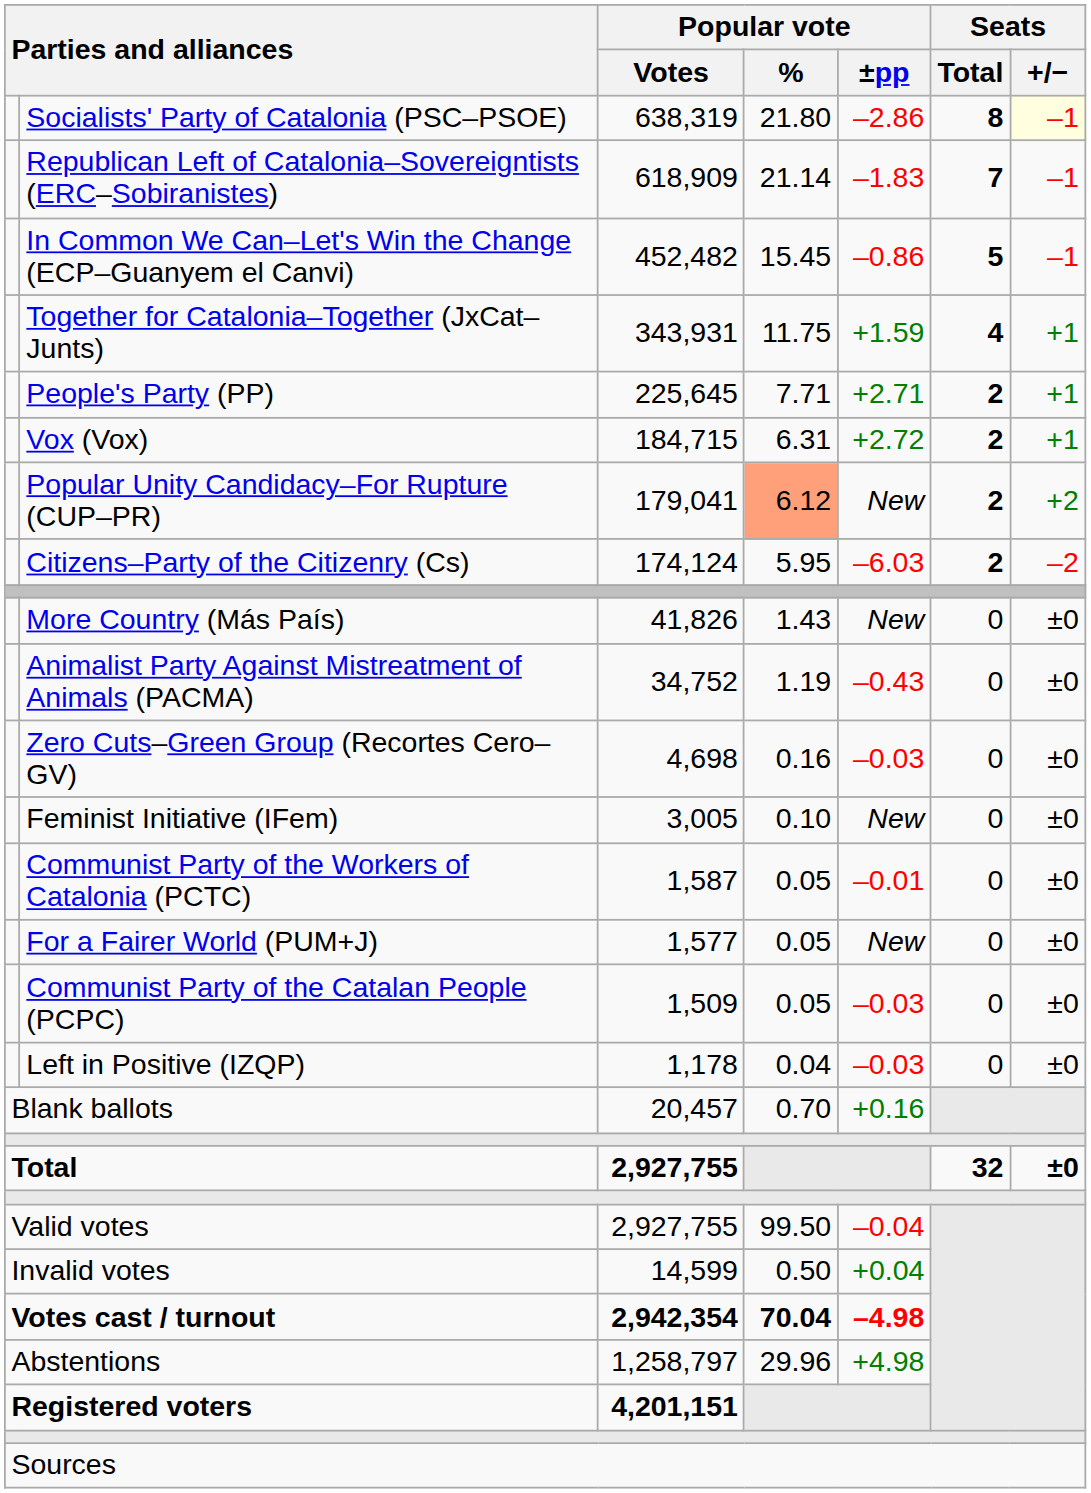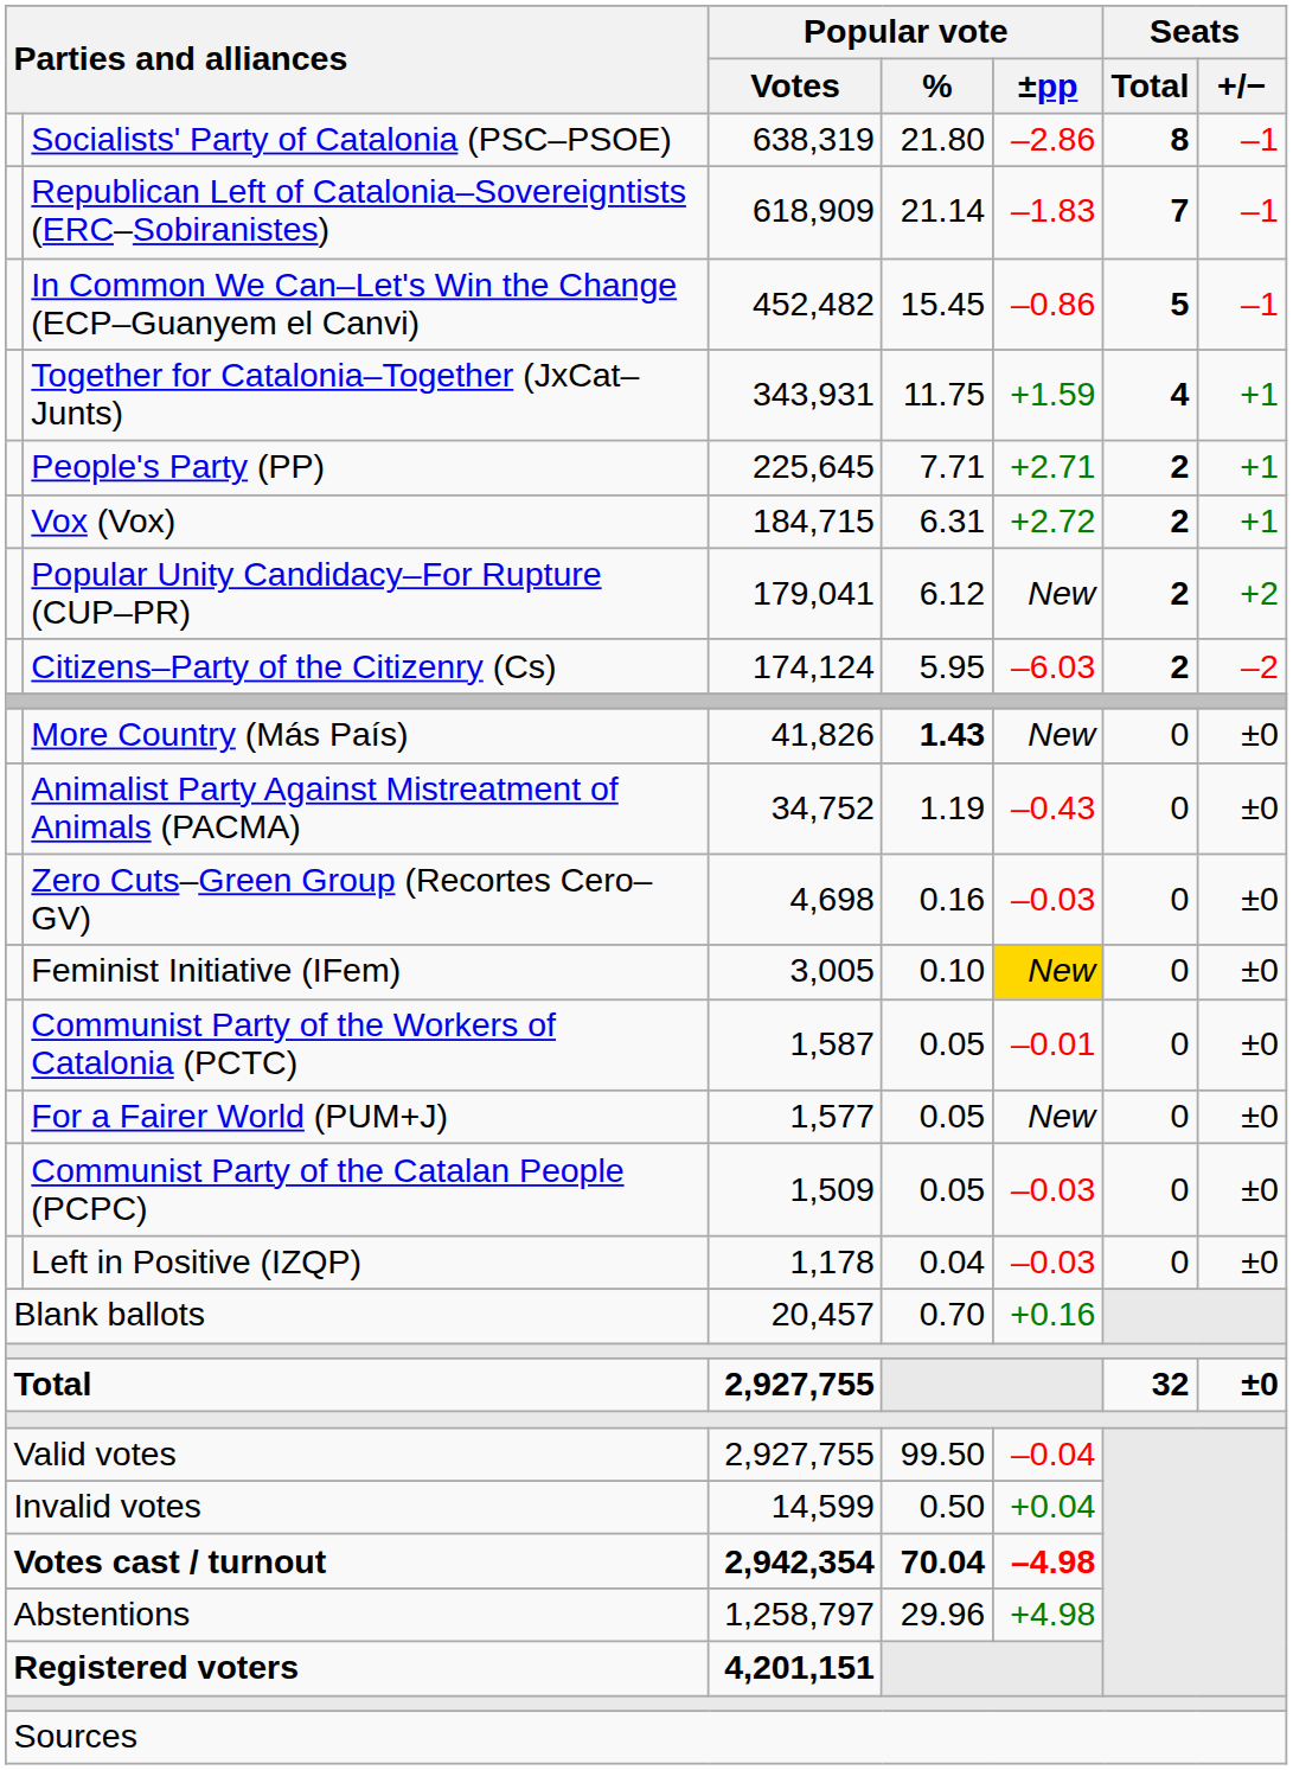 <table class="wikitable" style="text-align:right;">
 <tr>
 <th style="text-align:left;" rowspan="2" colspan="2" width="525">Parties and alliances</th>
 <th colspan="3">Popular vote</th>
 <th colspan="2">Seats</th>
 </tr>
 <tr>
 <th width="75">Votes</th>
 <th width="45">%</th>
 <th width="45">±<a href='#'>pp</a></th>
 <th width="35">Total</th>
 <th width="35">+/−</th>
 </tr>
 <tr>
 <td width="1" style="color:inherit;background:"></td>
 <td align="left"><a href='#'>Socialists' Party of Catalonia</a> (PSC–PSOE)</td>
 <td>638,319</td>
 <td>21.80</td>
 <td style="color:red;">–2.86</td>
 <td><strong>8</strong></td>
-<td style="background: lightyellow; color:red;">–1</td>
+<td style="color:red;">–1</td>
 </tr>
 <tr>
 <td style="color:inherit;background:"></td>
 <td align="left"><a href='#'>Republican Left of Catalonia–Sovereigntists</a> (<a href='#'>ERC</a>–<a href='#'>Sobiranistes</a>)</td>
 <td>618,909</td>
 <td>21.14</td>
 <td style="color:red;">–1.83</td>
 <td><strong>7</strong></td>
 <td style="color:red;">–1</td>
 </tr>
 <tr>
 <td style="color:inherit;background:"></td>
 <td align="left"><a href='#'>In Common We Can–Let's Win the Change</a> (ECP–Guanyem el Canvi)</td>
 <td>452,482</td>
 <td>15.45</td>
 <td style="color:red;">–0.86</td>
 <td><strong>5</strong></td>
 <td style="color:red;">–1</td>
 </tr>
 <tr>
 <td style="color:inherit;background:"></td>
 <td align="left"><a href='#'>Together for Catalonia–Together</a> (JxCat–Junts)</td>
 <td>343,931</td>
 <td>11.75</td>
 <td style="color:green;">+1.59</td>
 <td><strong>4</strong></td>
 <td style="color:green;">+1</td>
 </tr>
 <tr>
 <td style="color:inherit;background:"></td>
 <td align="left"><a href='#'>People's Party</a> (PP)</td>
 <td>225,645</td>
 <td>7.71</td>
 <td style="color:green;">+2.71</td>
 <td><strong>2</strong></td>
 <td style="color:green;">+1</td>
 </tr>
 <tr>
 <td style="color:inherit;background:"></td>
 <td align="left"><a href='#'>Vox</a> (Vox)</td>
 <td>184,715</td>
 <td>6.31</td>
 <td style="color:green;">+2.72</td>
 <td><strong>2</strong></td>
 <td style="color:green;">+1</td>
 </tr>
 <tr>
 <td style="color:inherit;background:"></td>
 <td align="left"><a href='#'>Popular Unity Candidacy–For Rupture</a> (CUP–PR)</td>
 <td>179,041</td>
-<td style="background: lightsalmon;">6.12</td>
+<td>6.12</td>
 <td><em>New</em></td>
 <td><strong>2</strong></td>
 <td style="color:green;">+2</td>
 </tr>
 <tr>
 <td style="color:inherit;background:"></td>
 <td align="left"><a href='#'>Citizens–Party of the Citizenry</a> (Cs)</td>
 <td>174,124</td>
 <td>5.95</td>
 <td style="color:red;">–6.03</td>
 <td><strong>2</strong></td>
 <td style="color:red;">–2</td>
 </tr>
 <tr>
 <td colspan="7" bgcolor="#C0C0C0"></td>
 </tr>
 <tr>
 <td style="color:inherit;background:"></td>
 <td align="left"><a href='#'>More Country</a> (Más País)</td>
 <td>41,826</td>
-<td>1.43</td>
+<td><strong>1.43</strong></td>
 <td><em>New</em></td>
 <td>0</td>
 <td>±0</td>
 </tr>
 <tr>
 <td style="color:inherit;background:"></td>
 <td align="left"><a href='#'>Animalist Party Against Mistreatment of Animals</a> (PACMA)</td>
 <td>34,752</td>
 <td>1.19</td>
 <td style="color:red;">–0.43</td>
 <td>0</td>
 <td>±0</td>
 </tr>
 <tr>
 <td style="color:inherit;background:"></td>
 <td align="left"><a href='#'>Zero Cuts</a>–<a href='#'>Green Group</a> (Recortes Cero–GV)</td>
 <td>4,698</td>
 <td>0.16</td>
 <td style="color:red;">–0.03</td>
 <td>0</td>
 <td>±0</td>
 </tr>
 <tr>
 <td style="color:inherit;background:"></td>
 <td align="left">Feminist Initiative (IFem)</td>
 <td>3,005</td>
 <td>0.10</td>
-<td><em>New</em></td>
+<td style="background: gold;"><em>New</em></td>
 <td>0</td>
 <td>±0</td>
 </tr>
 <tr>
 <td style="color:inherit;background:"></td>
 <td align="left"><a href='#'>Communist Party of the Workers of Catalonia</a> (PCTC)</td>
 <td>1,587</td>
 <td>0.05</td>
 <td style="color:red;">–0.01</td>
 <td>0</td>
 <td>±0</td>
 </tr>
 <tr>
 <td style="color:inherit;background:"></td>
 <td align="left"><a href='#'>For a Fairer World</a> (PUM+J)</td>
 <td>1,577</td>
 <td>0.05</td>
 <td><em>New</em></td>
 <td>0</td>
 <td>±0</td>
 </tr>
 <tr>
 <td style="color:inherit;background:"></td>
 <td align="left"><a href='#'>Communist Party of the Catalan People</a> (PCPC)</td>
 <td>1,509</td>
 <td>0.05</td>
 <td style="color:red;">–0.03</td>
 <td>0</td>
 <td>±0</td>
 </tr>
 <tr>
 <td style="color:inherit;background:"></td>
 <td align="left">Left in Positive (IZQP)</td>
 <td>1,178</td>
 <td>0.04</td>
 <td style="color:red;">–0.03</td>
 <td>0</td>
 <td>±0</td>
 </tr>
 <tr>
 <td align="left" colspan="2">Blank ballots</td>
 <td>20,457</td>
 <td>0.70</td>
 <td style="color:green;">+0.16</td>
 <td bgcolor="#E9E9E9" colspan="2"></td>
 </tr>
 <tr>
 <td colspan="7" bgcolor="#E9E9E9"></td>
 </tr>
 <tr style="font-weight:bold;">
 <td align="left" colspan="2">Total</td>
 <td>2,927,755</td>
 <td bgcolor="#E9E9E9" colspan="2"></td>
 <td>32</td>
 <td>±0</td>
 </tr>
 <tr>
 <td colspan="7" bgcolor="#E9E9E9"></td>
 </tr>
 <tr>
 <td align="left" colspan="2">Valid votes</td>
 <td>2,927,755</td>
 <td>99.50</td>
 <td style="color:red;">–0.04</td>
 <td bgcolor="#E9E9E9" colspan="2" rowspan="5"></td>
 </tr>
 <tr>
 <td align="left" colspan="2">Invalid votes</td>
 <td>14,599</td>
 <td>0.50</td>
 <td style="color:green;">+0.04</td>
 </tr>
 <tr style="font-weight:bold;">
 <td align="left" colspan="2">Votes cast / turnout</td>
 <td>2,942,354</td>
 <td>70.04</td>
 <td style="color:red;">–4.98</td>
 </tr>
 <tr>
 <td align="left" colspan="2">Abstentions</td>
 <td>1,258,797</td>
 <td>29.96</td>
 <td style="color:green;">+4.98</td>
 </tr>
 <tr style="font-weight:bold;">
 <td align="left" colspan="2">Registered voters</td>
 <td>4,201,151</td>
 <td bgcolor="#E9E9E9" colspan="2"></td>
 </tr>
 <tr>
 <td colspan="7" bgcolor="#E9E9E9"></td>
 </tr>
 <tr>
 <td align="left" colspan="7">Sources</td>
 </tr>
 </table>
